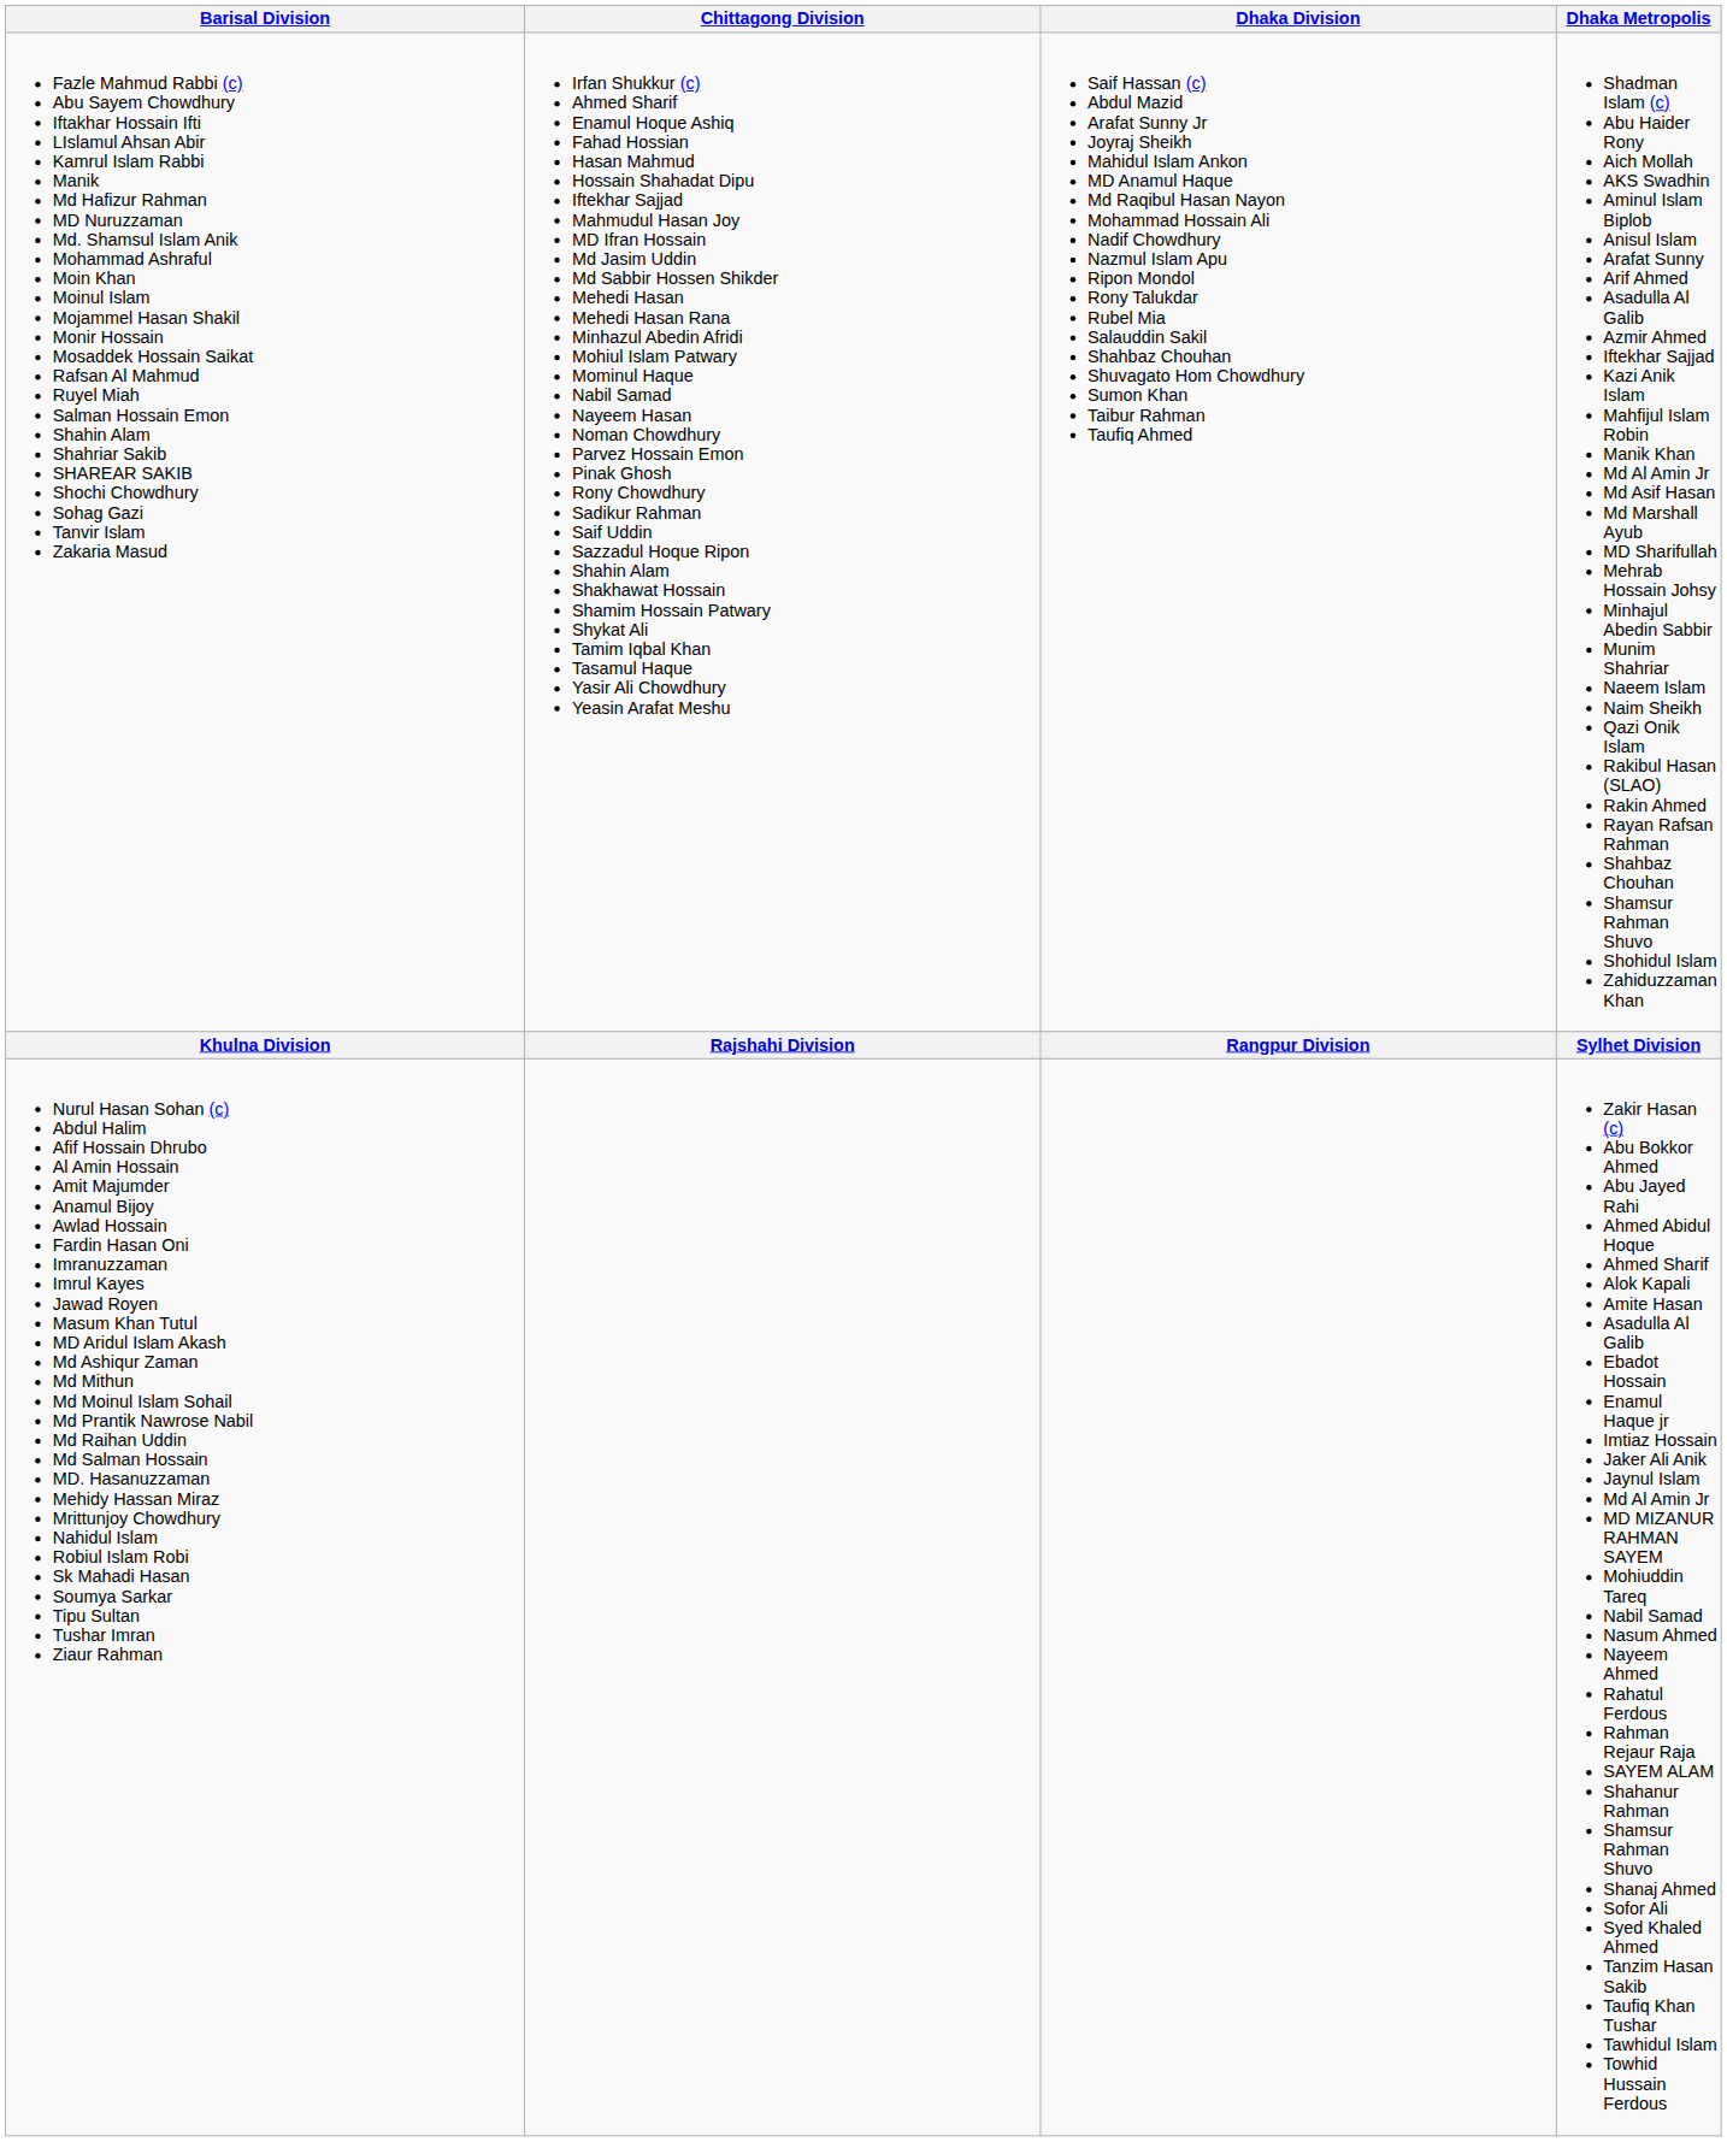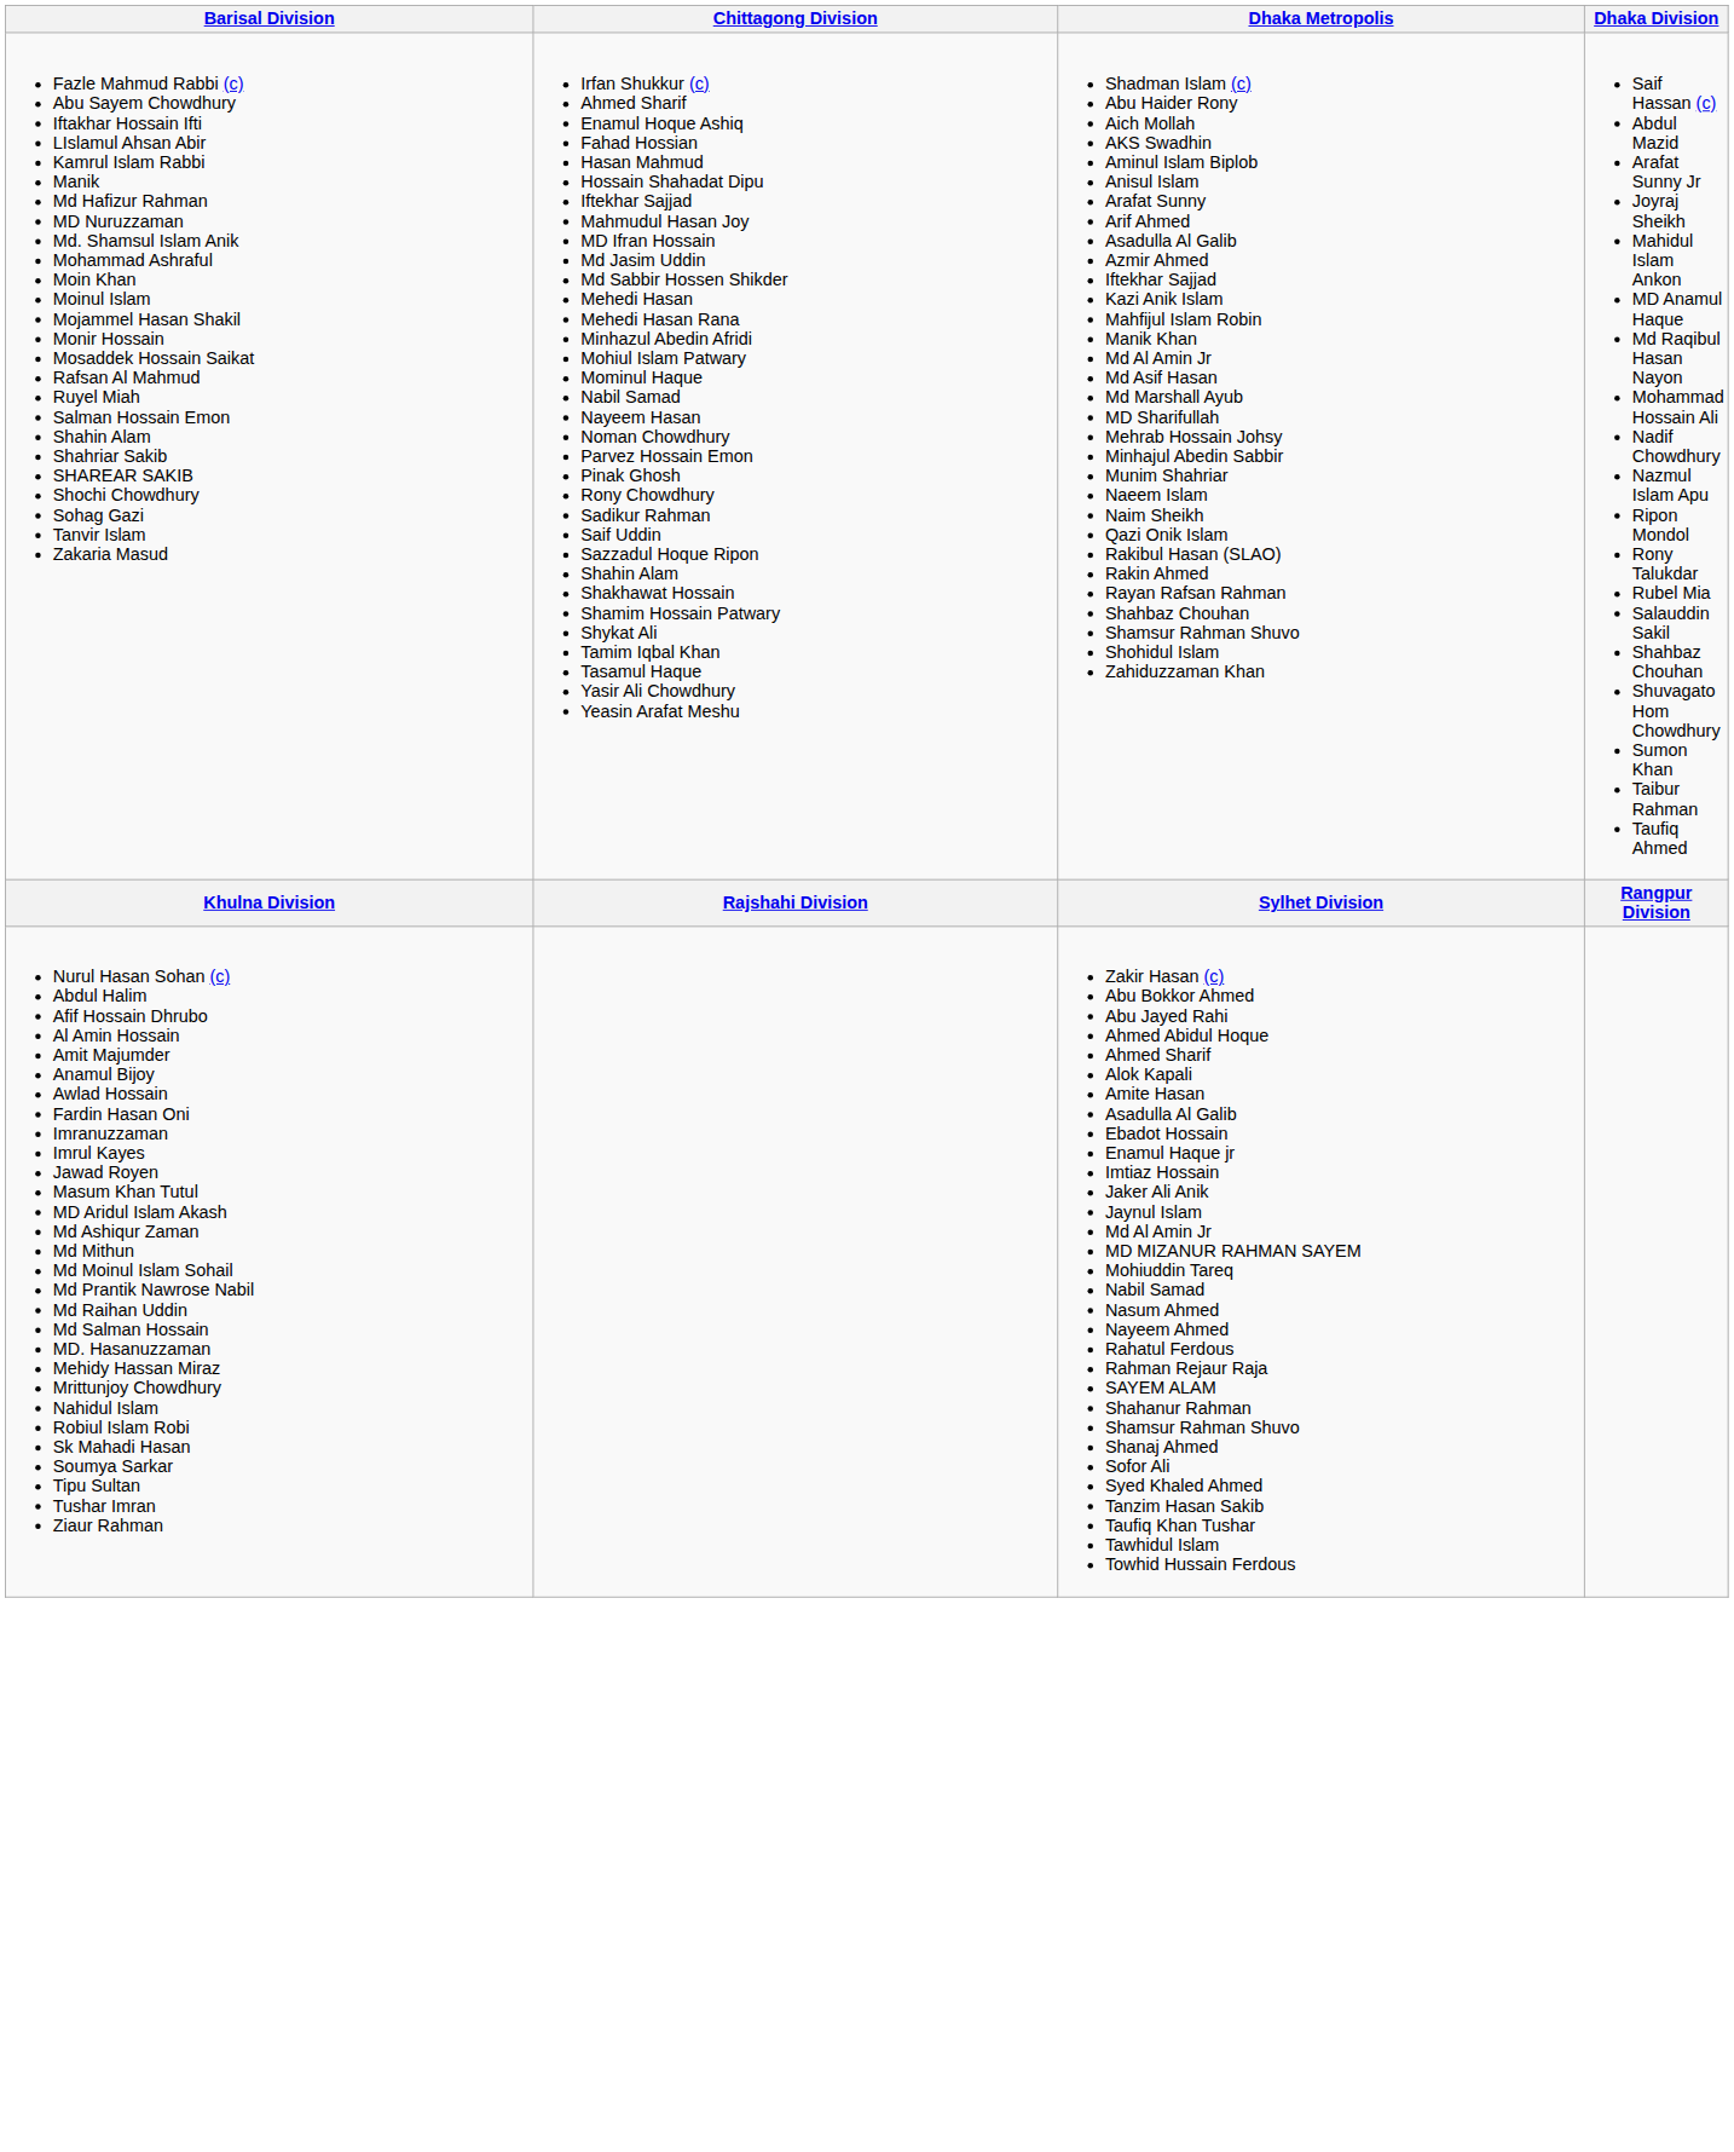 <table class="wikitable" style="text-align:left;margin:auto">
 <tr>
 <th width=200><a href='#'>Barisal Division</a></th>
 <th width=200><a href='#'>Chittagong Division</a></th>
+<th width=200><a href='#'>Dhaka Metropolis</a></th>
 <th width=200><a href='#'>Dhaka Division</a></th>
-<th width=200><a href='#'>Dhaka Metropolis</a></th>
 </tr>
 <tr>
 <td valign=top><br><ul><li>Fazle Mahmud Rabbi <a href='#'>(c)</a></li><li>Abu Sayem Chowdhury</li><li>Iftakhar Hossain Ifti</li><li>LIslamul Ahsan Abir</li><li>Kamrul Islam Rabbi</li><li>Manik</li><li>Md Hafizur Rahman</li><li>MD Nuruzzaman</li><li>Md. Shamsul Islam Anik</li><li>Mohammad Ashraful</li><li>Moin Khan</li><li>Moinul Islam</li><li>Mojammel Hasan Shakil</li><li>Monir Hossain</li><li>Mosaddek Hossain Saikat</li><li>Rafsan Al Mahmud</li><li>Ruyel Miah</li><li>Salman Hossain Emon</li><li>Shahin Alam</li><li>Shahriar Sakib</li><li>SHAREAR SAKIB</li><li>Shochi Chowdhury</li><li>Sohag Gazi</li><li>Tanvir Islam</li><li>Zakaria Masud</li></ul></td>
 <td valign=top><br><ul><li>Irfan Shukkur <a href='#'>(c)</a></li><li>Ahmed Sharif</li><li>Enamul Hoque Ashiq</li><li>Fahad Hossian</li><li>Hasan Mahmud</li><li>Hossain Shahadat Dipu</li><li>Iftekhar Sajjad</li><li>Mahmudul Hasan Joy</li><li>MD Ifran Hossain</li><li>Md Jasim Uddin</li><li>Md Sabbir Hossen Shikder</li><li>Mehedi Hasan</li><li>Mehedi Hasan Rana</li><li>Minhazul Abedin Afridi</li><li>Mohiul Islam Patwary</li><li>Mominul Haque</li><li>Nabil Samad</li><li>Nayeem Hasan</li><li>Noman Chowdhury</li><li>Parvez Hossain Emon</li><li>Pinak Ghosh</li><li>Rony Chowdhury</li><li>Sadikur Rahman</li><li>Saif Uddin</li><li>Sazzadul Hoque Ripon</li><li>Shahin Alam</li><li>Shakhawat Hossain</li><li>Shamim Hossain Patwary</li><li>Shykat Ali</li><li>Tamim Iqbal Khan</li><li>Tasamul Haque</li><li>Yasir Ali Chowdhury</li><li>Yeasin Arafat Meshu</li></ul></td>
+<td valign=top><br><ul><li>Shadman Islam <a href='#'>(c)</a></li><li>Abu Haider Rony</li><li>Aich Mollah</li><li>AKS Swadhin</li><li>Aminul Islam Biplob</li><li>Anisul Islam</li><li>Arafat Sunny</li><li>Arif Ahmed</li><li>Asadulla Al Galib</li><li>Azmir Ahmed</li><li>Iftekhar Sajjad</li><li>Kazi Anik Islam</li><li>Mahfijul Islam Robin</li><li>Manik Khan</li><li>Md Al Amin Jr</li><li>Md Asif Hasan</li><li>Md Marshall Ayub</li><li>MD Sharifullah</li><li>Mehrab Hossain Johsy</li><li>Minhajul Abedin Sabbir</li><li>Munim Shahriar</li><li>Naeem Islam</li><li>Naim Sheikh</li><li>Qazi Onik Islam</li><li>Rakibul Hasan (SLAO)</li><li>Rakin Ahmed</li><li>Rayan Rafsan Rahman</li><li>Shahbaz Chouhan</li><li>Shamsur Rahman Shuvo</li><li>Shohidul Islam</li><li>Zahiduzzaman Khan</li></ul></td>
 <td valign=top><br><ul><li>Saif Hassan <a href='#'>(c)</a></li><li>Abdul Mazid</li><li>Arafat Sunny Jr</li><li>Joyraj Sheikh</li><li>Mahidul Islam Ankon</li><li>MD Anamul Haque</li><li>Md Raqibul Hasan Nayon</li><li>Mohammad Hossain Ali</li><li>Nadif Chowdhury</li><li>Nazmul Islam Apu</li><li>Ripon Mondol</li><li>Rony Talukdar</li><li>Rubel Mia</li><li>Salauddin Sakil</li><li>Shahbaz Chouhan</li><li>Shuvagato Hom Chowdhury</li><li>Sumon Khan</li><li>Taibur Rahman</li><li>Taufiq Ahmed</li></ul></td>
-<td valign=top><br><ul><li>Shadman Islam <a href='#'>(c)</a></li><li>Abu Haider Rony</li><li>Aich Mollah</li><li>AKS Swadhin</li><li>Aminul Islam Biplob</li><li>Anisul Islam</li><li>Arafat Sunny</li><li>Arif Ahmed</li><li>Asadulla Al Galib</li><li>Azmir Ahmed</li><li>Iftekhar Sajjad</li><li>Kazi Anik Islam</li><li>Mahfijul Islam Robin</li><li>Manik Khan</li><li>Md Al Amin Jr</li><li>Md Asif Hasan</li><li>Md Marshall Ayub</li><li>MD Sharifullah</li><li>Mehrab Hossain Johsy</li><li>Minhajul Abedin Sabbir</li><li>Munim Shahriar</li><li>Naeem Islam</li><li>Naim Sheikh</li><li>Qazi Onik Islam</li><li>Rakibul Hasan (SLAO)</li><li>Rakin Ahmed</li><li>Rayan Rafsan Rahman</li><li>Shahbaz Chouhan</li><li>Shamsur Rahman Shuvo</li><li>Shohidul Islam</li><li>Zahiduzzaman Khan</li></ul></td>
 </tr>
 <tr>
 <th style="width:33%;"><a href='#'>Khulna Division</a></th>
 <th style="width:33%;"><a href='#'>Rajshahi Division</a></th>
+<th style="width:33%;"><a href='#'>Sylhet Division</a></th>
 <th style="width:33%;"><a href='#'>Rangpur Division</a></th>
-<th style="width:33%;"><a href='#'>Sylhet Division</a></th>
 </tr>
 <tr>
 <td valign=top><br><ul><li>Nurul Hasan Sohan <a href='#'>(c)</a></li><li>Abdul Halim</li><li>Afif Hossain Dhrubo</li><li>Al Amin Hossain</li><li>Amit Majumder</li><li>Anamul Bijoy</li><li>Awlad Hossain</li><li>Fardin Hasan Oni</li><li>Imranuzzaman</li><li>Imrul Kayes</li><li>Jawad Royen</li><li>Masum Khan Tutul</li><li>MD Aridul Islam Akash</li><li>Md Ashiqur Zaman</li><li>Md Mithun</li><li>Md Moinul Islam Sohail</li><li>Md Prantik Nawrose Nabil</li><li>Md Raihan Uddin</li><li>Md Salman Hossain</li><li>MD. Hasanuzzaman</li><li>Mehidy Hassan Miraz</li><li>Mrittunjoy Chowdhury</li><li>Nahidul Islam</li><li>Robiul Islam Robi</li><li>Sk Mahadi Hasan</li><li>Soumya Sarkar</li><li>Tipu Sultan</li><li>Tushar Imran</li><li>Ziaur Rahman</li></ul></td>
 <td valign=top></td>
+<td valign=top><br><ul><li>Zakir Hasan <a href='#'>(c)</a></li><li>Abu Bokkor Ahmed</li><li>Abu Jayed Rahi</li><li>Ahmed Abidul Hoque</li><li>Ahmed Sharif</li><li>Alok Kapali</li><li>Amite Hasan</li><li>Asadulla Al Galib</li><li>Ebadot Hossain</li><li>Enamul Haque jr</li><li>Imtiaz Hossain</li><li>Jaker Ali Anik</li><li>Jaynul Islam</li><li>Md Al Amin Jr</li><li>MD MIZANUR RAHMAN SAYEM</li><li>Mohiuddin Tareq</li><li>Nabil Samad</li><li>Nasum Ahmed</li><li>Nayeem Ahmed</li><li>Rahatul Ferdous</li><li>Rahman Rejaur Raja</li><li>SAYEM ALAM</li><li>Shahanur Rahman</li><li>Shamsur Rahman Shuvo</li><li>Shanaj Ahmed</li><li>Sofor Ali</li><li>Syed Khaled Ahmed</li><li>Tanzim Hasan Sakib</li><li>Taufiq Khan Tushar</li><li>Tawhidul Islam</li><li>Towhid Hussain Ferdous</li></ul></td>
 <td valign=top></td>
-<td valign=top><br><ul><li>Zakir Hasan <a href='#'>(c)</a></li><li>Abu Bokkor Ahmed</li><li>Abu Jayed Rahi</li><li>Ahmed Abidul Hoque</li><li>Ahmed Sharif</li><li>Alok Kapali</li><li>Amite Hasan</li><li>Asadulla Al Galib</li><li>Ebadot Hossain</li><li>Enamul Haque jr</li><li>Imtiaz Hossain</li><li>Jaker Ali Anik</li><li>Jaynul Islam</li><li>Md Al Amin Jr</li><li>MD MIZANUR RAHMAN SAYEM</li><li>Mohiuddin Tareq</li><li>Nabil Samad</li><li>Nasum Ahmed</li><li>Nayeem Ahmed</li><li>Rahatul Ferdous</li><li>Rahman Rejaur Raja</li><li>SAYEM ALAM</li><li>Shahanur Rahman</li><li>Shamsur Rahman Shuvo</li><li>Shanaj Ahmed</li><li>Sofor Ali</li><li>Syed Khaled Ahmed</li><li>Tanzim Hasan Sakib</li><li>Taufiq Khan Tushar</li><li>Tawhidul Islam</li><li>Towhid Hussain Ferdous</li></ul></td>
 </tr>
 </table>
